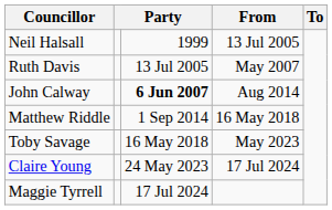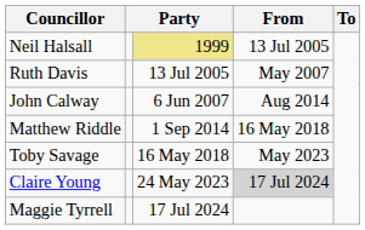 <table class=wikitable>
 <tr>
 <th>Councillor</th>
 <th colspan=2>Party</th>
 <th>From</th>
 <th>To</th>
 </tr>
 <tr>
 <td>Neil Halsall</td>
 <td></td>
-<td align=right>1999</td>
+<td align=right style="background: khaki;">1999</td>
 <td align=right>13 Jul 2005</td>
 </tr>
 <tr>
 <td>Ruth Davis</td>
 <td></td>
 <td align=right>13 Jul 2005</td>
 <td align=right>May 2007</td>
 </tr>
 <tr>
 <td>John Calway</td>
 <td></td>
-<td align=right><strong>6 Jun 2007</strong></td>
+<td align=right>6 Jun 2007</td>
 <td align=right>Aug 2014</td>
 </tr>
 <tr>
 <td>Matthew Riddle</td>
 <td></td>
 <td align=right>1 Sep 2014</td>
 <td align=right>16 May 2018</td>
 </tr>
 <tr>
 <td>Toby Savage</td>
 <td></td>
 <td align=right>16 May 2018</td>
 <td align=right>May 2023</td>
 </tr>
 <tr>
 <td><a href='#'>Claire Young</a></td>
 <td></td>
 <td align=right>24 May 2023</td>
-<td align=right>17 Jul 2024</td>
+<td align=right style="background: lightgrey;">17 Jul 2024</td>
 </tr>
 <tr>
 <td>Maggie Tyrrell</td>
 <td></td>
 <td align=right>17 Jul 2024</td>
 <td align=right></td>
 </tr>
 </table>
